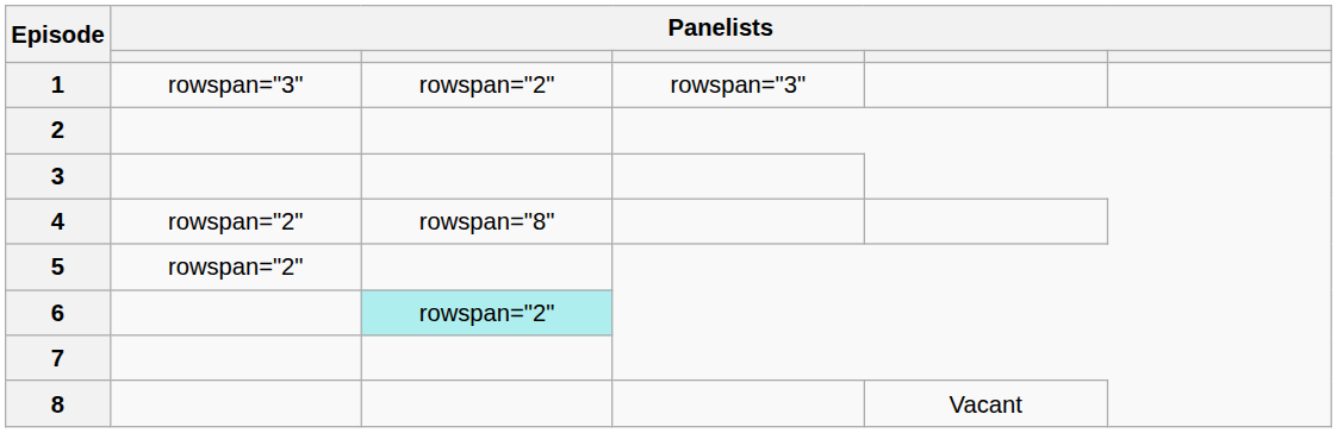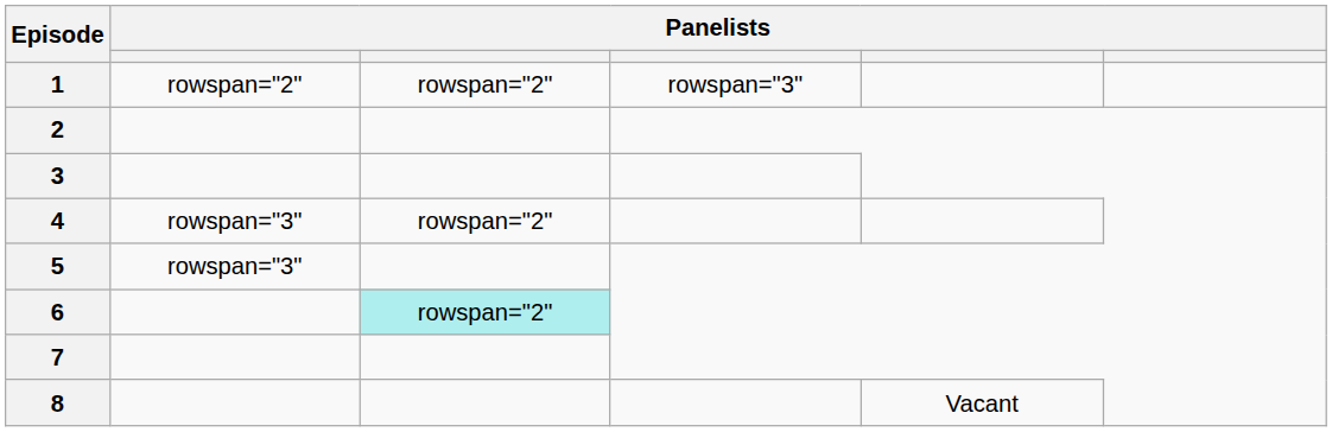 <table class="wikitable plainrowheaders mw-collapsible" style="text-align:center; line-height:23px; width:100%;">
 <tr>
 <th rowspan="2" width="1%">Episode</th>
 <th colspan="5">Panelists</th>
 </tr>
 <tr>
 <th width="20%"></th>
 <th width="20%"></th>
 <th width="20%"></th>
 <th width="20%"></th>
 <th width="20%"></th>
 </tr>
 <tr>
 <th>1</th>
-<td>rowspan="3" </td>
+<td>rowspan="2" </td>
 <td>rowspan="2" </td>
 <td>rowspan="3" </td>
 <td></td>
 <td></td>
 </tr>
 <tr>
 <th>2</th>
 <td></td>
 <td></td>
 </tr>
 <tr>
 <th>3</th>
 <td></td>
 <td></td>
 <td></td>
 </tr>
 <tr>
 <th>4</th>
+<td>rowspan="3" </td>
 <td>rowspan="2" </td>
-<td>rowspan="8" </td>
 <td></td>
 <td></td>
 </tr>
 <tr>
 <th>5</th>
-<td>rowspan="2" </td>
+<td>rowspan="3" </td>
 <td></td>
 </tr>
 <tr>
 <th>6</th>
 <td></td>
 <td style="background: paleturquoise;">rowspan="2" </td>
 </tr>
 <tr>
 <th>7</th>
 <td></td>
 <td></td>
 </tr>
 <tr>
 <th>8</th>
 <td></td>
 <td></td>
 <td></td>
 <td> Vacant</td>
 </tr>
 </table>
